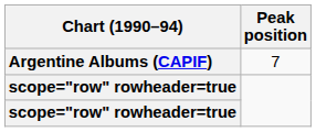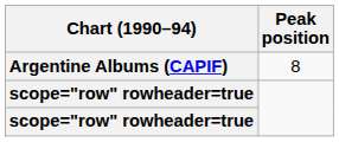 <table class="wikitable sortable plainrowheaders">
 <tr>
 <th>Chart (1990–94)</th>
 <th>Peak<br>position</th>
 </tr>
 <tr>
 <th scope="row" style="text-align:left;">Argentine Albums (<a href='#'>CAPIF</a>)</th>
-<td align="center">7</td>
+<td align="center">8</td>
 </tr>
 <tr>
 <th>scope="row" rowheader=true</th>
 </tr>
 <tr>
 <th>scope="row" rowheader=true</th>
 </tr>
 </table>
